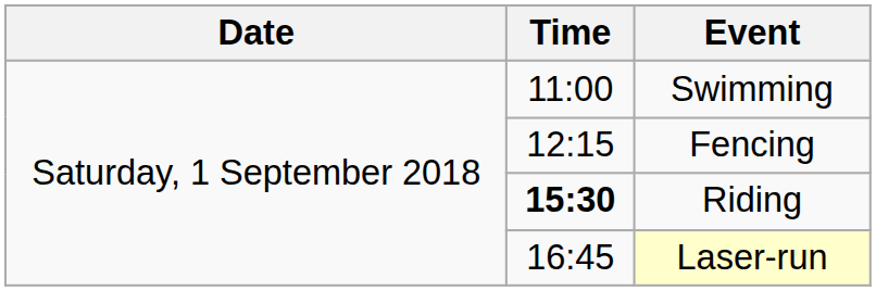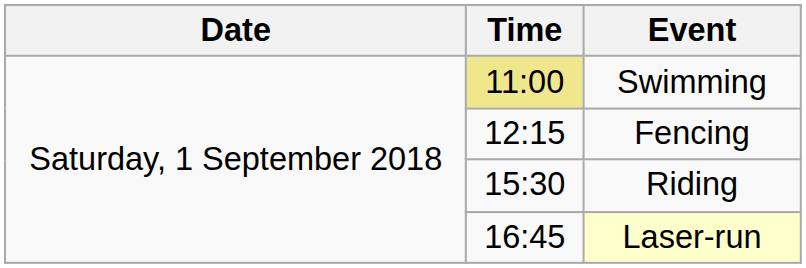 <table class = "wikitable" style="text-align:center;">
 <tr>
 <th width=220>Date</th>
 <th width=50>Time</th>
 <th width=100>Event</th>
 </tr>
 <tr>
 <td rowspan=4>Saturday, 1 September 2018</td>
-<td>11:00</td>
+<td style="background: khaki;">11:00</td>
 <td>Swimming</td>
 </tr>
 <tr>
 <td>12:15</td>
 <td>Fencing</td>
 </tr>
 <tr>
-<td><strong>15:30</strong></td>
+<td>15:30</td>
 <td>Riding</td>
 </tr>
 <tr>
 <td>16:45</td>
 <td bgcolor=ffffcc>Laser-run</td>
 </tr>
 </table>
